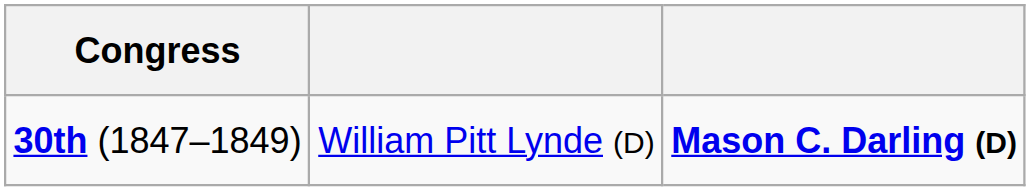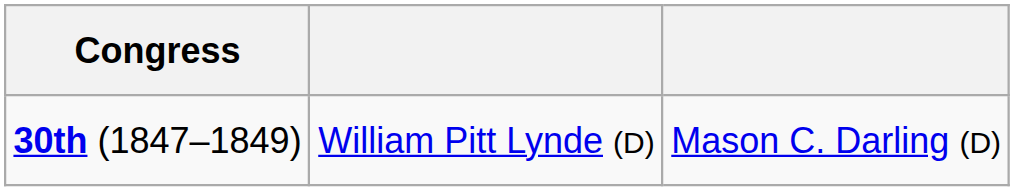 <table class=wikitable style="text-align:center">
 <tr style="height:2.5em">
 <th>Congress</th>
 <th></th>
 <th></th>
 </tr>
 <tr style="height:2.5em">
 <td><strong><a href='#'>30th</a></strong> (1847–1849)</td>
 <td><a href='#'>William Pitt Lynde</a> <small>(D)</small></td>
-<td><strong><a href='#'>Mason C. Darling</a> <small>(D)</small></strong></td>
+<td><a href='#'>Mason C. Darling</a> <small>(D)</small></td>
 </tr>
 </table>
